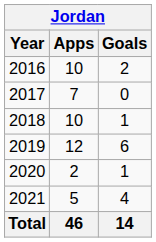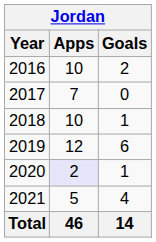 <table class="wikitable" style="text-align:center">
 <tr>
 <th colspan=3><a href='#'>Jordan</a></th>
 </tr>
 <tr>
 <th>Year</th>
 <th>Apps</th>
 <th>Goals</th>
 </tr>
 <tr>
 <td>2016</td>
 <td>10</td>
 <td>2</td>
 </tr>
 <tr>
 <td>2017</td>
 <td>7</td>
 <td>0</td>
 </tr>
 <tr>
 <td>2018</td>
 <td>10</td>
 <td>1</td>
 </tr>
 <tr>
 <td>2019</td>
 <td>12</td>
 <td>6</td>
 </tr>
 <tr>
 <td>2020</td>
-<td>2</td>
+<td style="background: lavender;">2</td>
 <td>1</td>
 </tr>
 <tr>
 <td>2021</td>
 <td>5</td>
 <td>4</td>
 </tr>
 <tr>
 <th>Total</th>
 <th>46</th>
 <th>14</th>
 </tr>
 </table>
